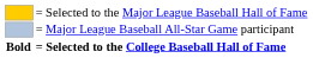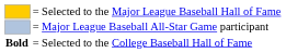 <table>
 <tr>
 <td style="background-color:#FFCC00; border:1px solid #aaaaaa; width:2em;"></td>
 <td>= Selected to the <a href='#'>Major League Baseball Hall of Fame</a></td>
 </tr>
 <tr>
 <td style="background-color:lightsteelblue; border:1px solid #aaaaaa; width:2em;"></td>
 <td>= <a href='#'>Major League Baseball All-Star Game</a> participant</td>
 </tr>
 <tr>
 <td><strong>Bold</strong></td>
-<td><strong>= Selected to the <a href='#'>College Baseball Hall of Fame</a></strong></td>
+<td>= Selected to the <a href='#'>College Baseball Hall of Fame</a></td>
 </tr>
 </table>
